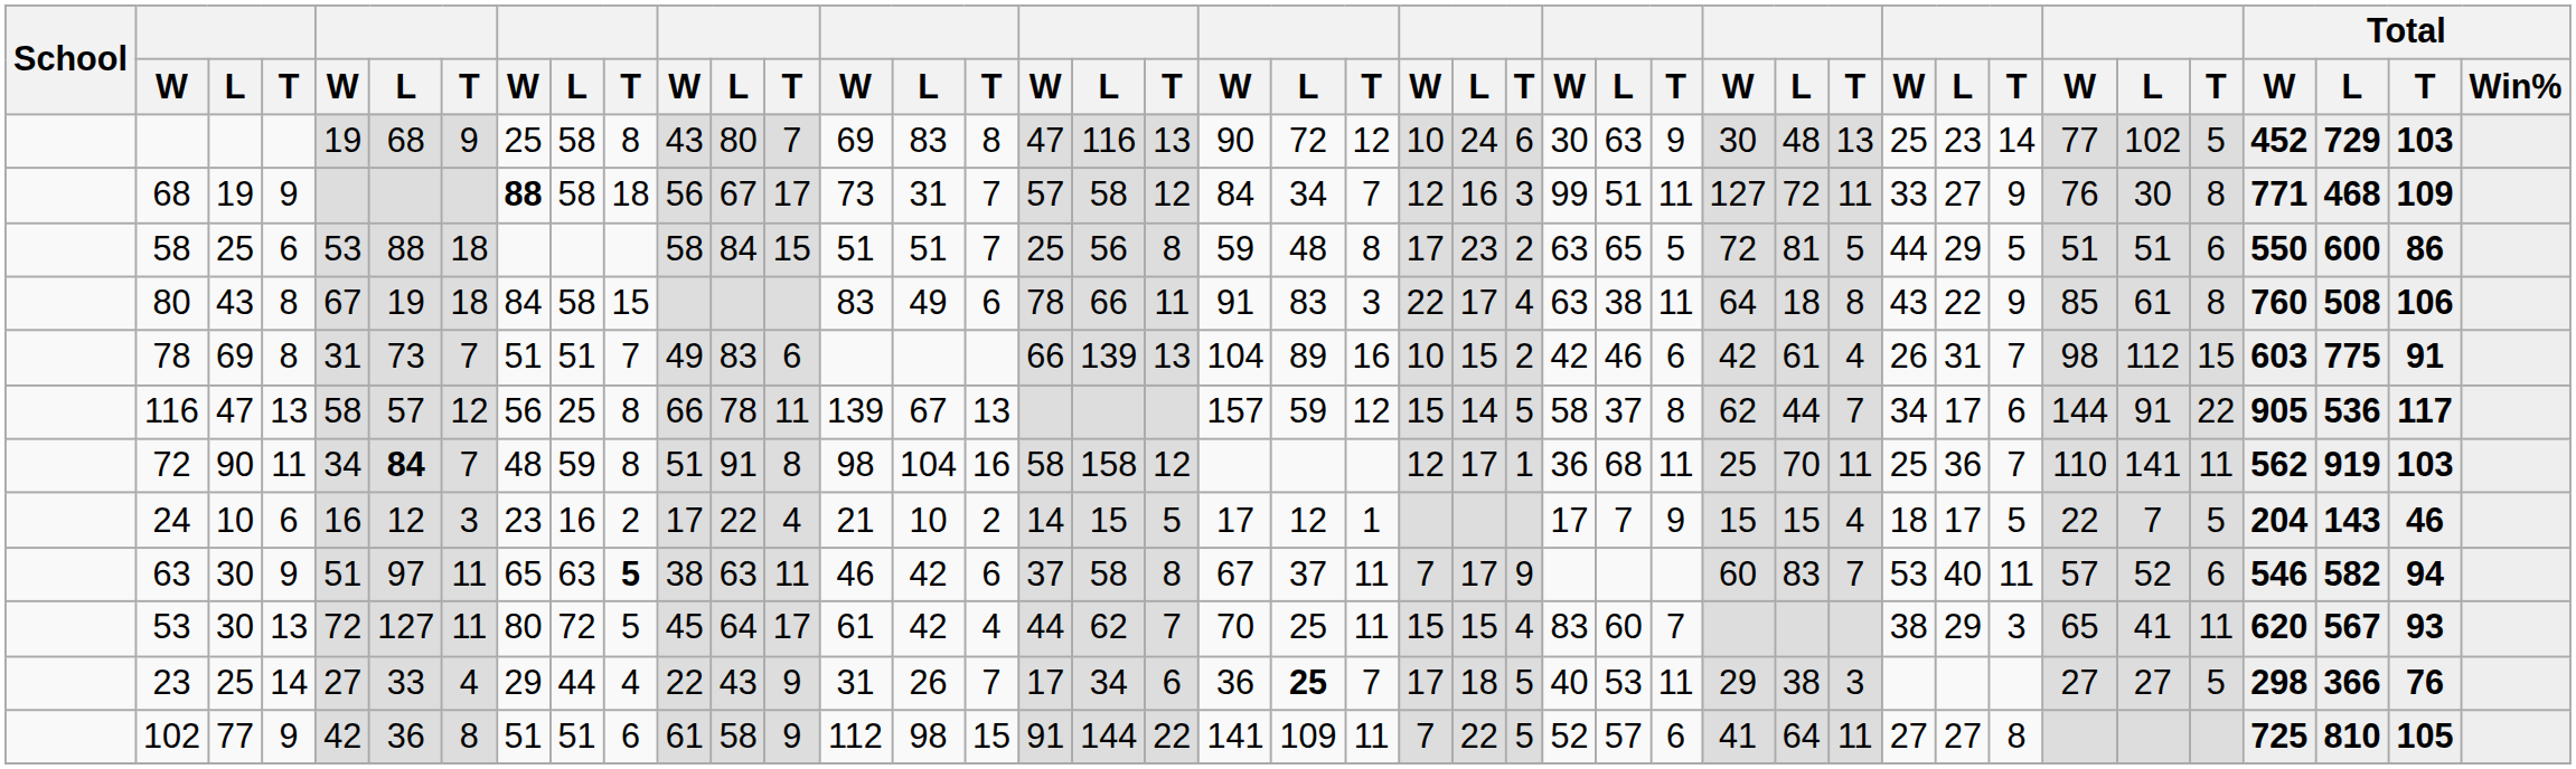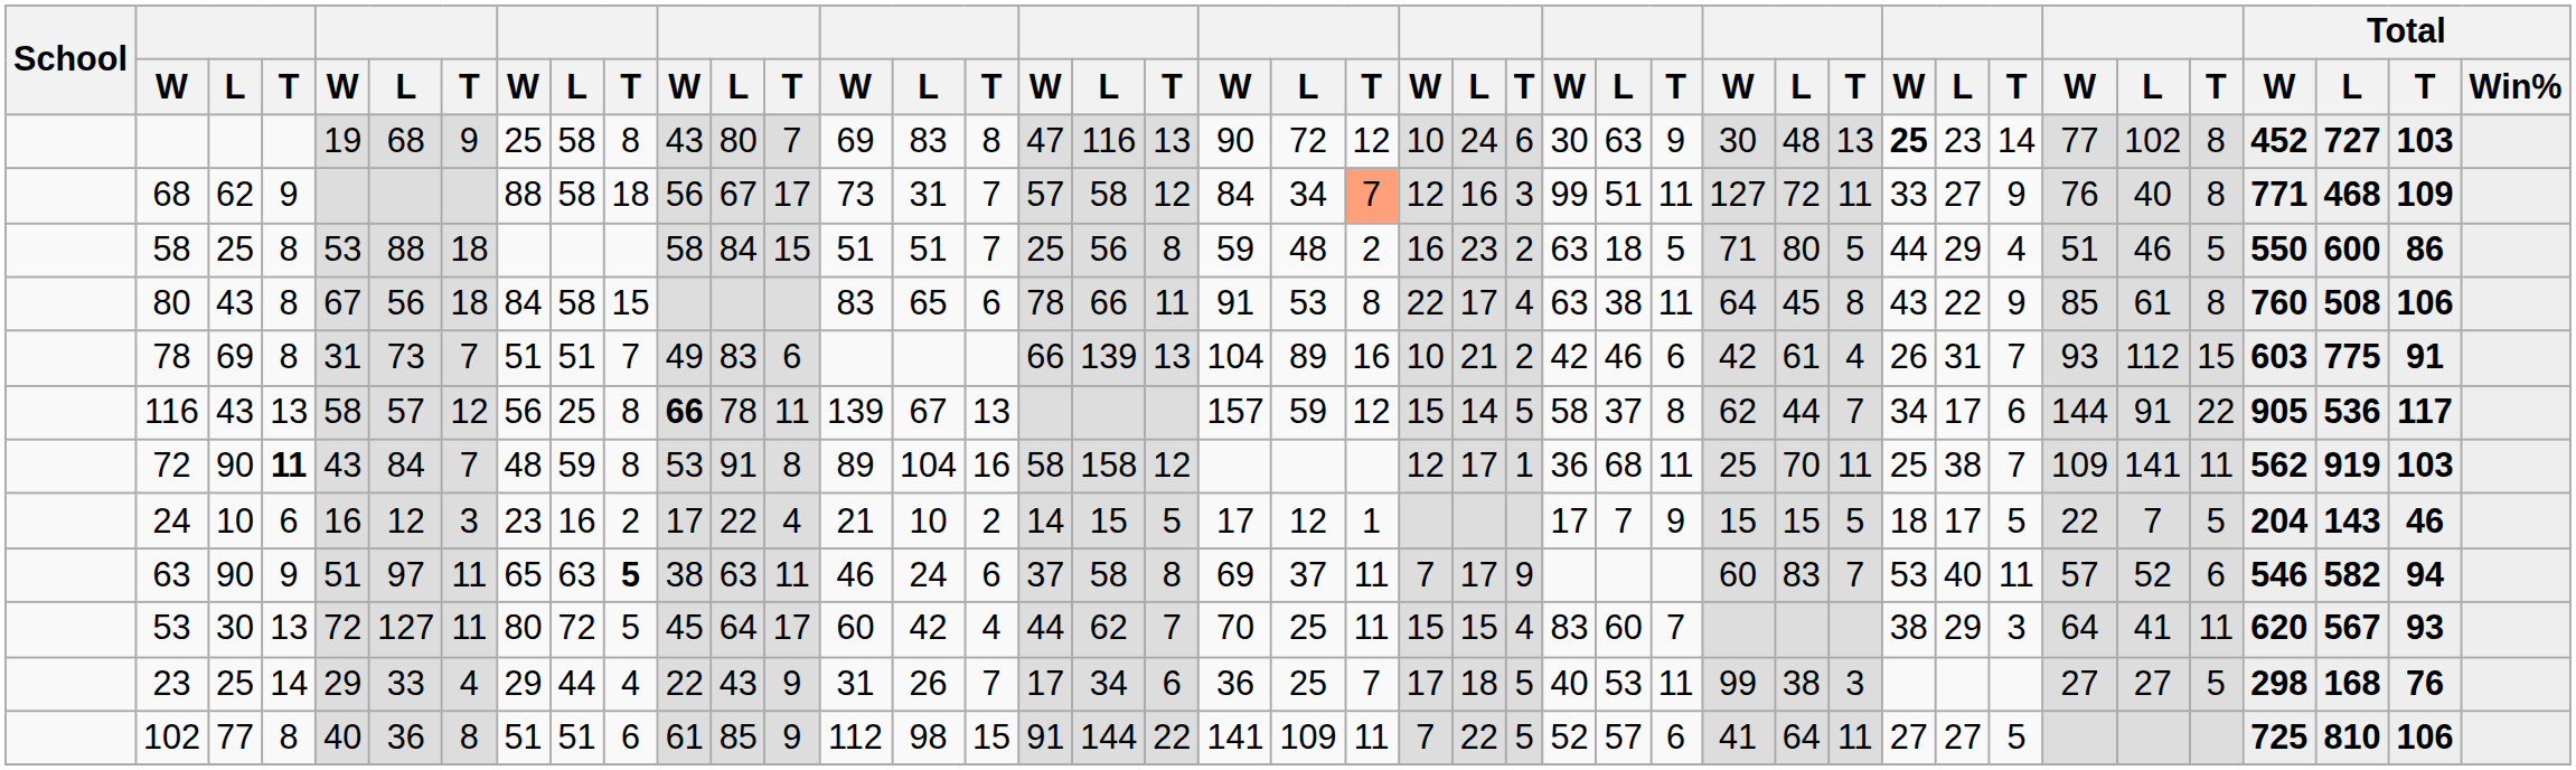 <table class="wikitable sortable" style="text-align:center">
 <tr>
 <th rowspan="2">School</th>
 <th colspan="3"><strong><a href='#'></a></strong></th>
 <th colspan="3"><strong><a href='#'></a></strong></th>
 <th colspan="3"><strong><a href='#'></a></strong></th>
 <th colspan="3"><strong><a href='#'></a></strong></th>
 <th colspan="3"><strong><a href='#'></a></strong></th>
 <th colspan="3"><strong><a href='#'></a></strong></th>
 <th colspan="3"><strong><a href='#'></a></strong></th>
 <th colspan="3"><strong><a href='#'></a></strong></th>
 <th colspan="3"><strong><a href='#'></a></strong></th>
 <th colspan="3"><strong><a href='#'></a></strong></th>
 <th colspan="3"><strong><a href='#'></a></strong></th>
 <th colspan="3"><strong><a href='#'></a></strong></th>
 <th colspan="4">Total</th>
 </tr>
 <tr>
 <th scope="col">W</th>
 <th scope="col">L</th>
 <th scope="col">T</th>
 <th scope="col">W</th>
 <th scope="col">L</th>
 <th scope="col">T</th>
 <th scope="col">W</th>
 <th scope="col">L</th>
 <th scope="col">T</th>
 <th scope="col">W</th>
 <th scope="col">L</th>
 <th scope="col">T</th>
 <th scope="col">W</th>
 <th scope="col">L</th>
 <th scope="col">T</th>
 <th scope="col">W</th>
 <th scope="col">L</th>
 <th scope="col">T</th>
 <th scope="col">W</th>
 <th scope="col">L</th>
 <th scope="col">T</th>
 <th scope="col">W</th>
 <th scope="col">L</th>
 <th scope="col">T</th>
 <th scope="col">W</th>
 <th scope="col">L</th>
 <th scope="col">T</th>
 <th scope="col">W</th>
 <th scope="col">L</th>
 <th scope="col">T</th>
 <th scope="col">W</th>
 <th scope="col">L</th>
 <th scope="col">T</th>
 <th scope="col">W</th>
 <th scope="col">L</th>
 <th scope="col">T</th>
 <th scope="col">W</th>
 <th scope="col">L</th>
 <th scope="col">T</th>
 <th scope="col">Win%</th>
 </tr>
 <tr>
 <td align=left><strong><a href='#'></a></strong></td>
 <td></td>
 <td></td>
 <td></td>
 <td bgcolor=dddddd>19</td>
 <td bgcolor=dddddd>68</td>
 <td bgcolor=dddddd>9</td>
 <td>25</td>
 <td>58</td>
 <td>8</td>
 <td bgcolor=dddddd>43</td>
 <td bgcolor=dddddd>80</td>
 <td bgcolor=dddddd>7</td>
 <td>69</td>
 <td>83</td>
 <td>8</td>
 <td bgcolor=dddddd>47</td>
 <td bgcolor=dddddd>116</td>
 <td bgcolor=dddddd>13</td>
 <td>90</td>
 <td>72</td>
 <td>12</td>
 <td bgcolor=dddddd>10</td>
 <td bgcolor=dddddd>24</td>
 <td bgcolor=dddddd>6</td>
 <td>30</td>
 <td>63</td>
 <td>9</td>
 <td bgcolor=dddddd>30</td>
 <td bgcolor=dddddd>48</td>
 <td bgcolor=dddddd>13</td>
-<td>25</td>
+<td><strong>25</strong></td>
 <td>23</td>
 <td>14</td>
 <td bgcolor=dddddd>77</td>
 <td bgcolor=dddddd>102</td>
-<td bgcolor=dddddd>5</td>
+<td bgcolor=dddddd>8</td>
 <td bgcolor=eeeeee><strong>452</strong></td>
-<td bgcolor=eeeeee><strong>729</strong></td>
+<td bgcolor=eeeeee><strong>727</strong></td>
 <td bgcolor=eeeeee><strong>103</strong></td>
 <td bgcolor=eeeeee><strong></strong></td>
 </tr>
 <tr>
 <td align=left><strong><a href='#'></a></strong></td>
 <td>68</td>
-<td>19</td>
+<td>62</td>
 <td>9</td>
 <td bgcolor=dddddd></td>
 <td bgcolor=dddddd></td>
 <td bgcolor=dddddd></td>
-<td><strong>88</strong></td>
+<td>88</td>
 <td>58</td>
 <td>18</td>
 <td bgcolor=dddddd>56</td>
 <td bgcolor=dddddd>67</td>
 <td bgcolor=dddddd>17</td>
 <td>73</td>
 <td>31</td>
 <td>7</td>
 <td bgcolor=dddddd>57</td>
 <td bgcolor=dddddd>58</td>
 <td bgcolor=dddddd>12</td>
 <td>84</td>
 <td>34</td>
-<td>7</td>
+<td style="background: lightsalmon;">7</td>
 <td bgcolor=dddddd>12</td>
 <td bgcolor=dddddd>16</td>
 <td bgcolor=dddddd>3</td>
 <td>99</td>
 <td>51</td>
 <td>11</td>
 <td bgcolor=dddddd>127</td>
 <td bgcolor=dddddd>72</td>
 <td bgcolor=dddddd>11</td>
 <td>33</td>
 <td>27</td>
 <td>9</td>
 <td bgcolor=dddddd>76</td>
-<td bgcolor=dddddd>30</td>
+<td bgcolor=dddddd>40</td>
 <td bgcolor=dddddd>8</td>
 <td bgcolor=eeeeee><strong>771</strong></td>
 <td bgcolor=eeeeee><strong>468</strong></td>
 <td bgcolor=eeeeee><strong>109</strong></td>
 <td bgcolor=eeeeee><strong></strong></td>
 </tr>
 <tr>
 <td align=left><strong><a href='#'></a></strong></td>
 <td>58</td>
 <td>25</td>
-<td>6</td>
+<td>8</td>
 <td bgcolor=dddddd>53</td>
 <td bgcolor=dddddd>88</td>
 <td bgcolor=dddddd>18</td>
 <td></td>
 <td></td>
 <td></td>
 <td bgcolor=dddddd>58</td>
 <td bgcolor=dddddd>84</td>
 <td bgcolor=dddddd>15</td>
 <td>51</td>
 <td>51</td>
 <td>7</td>
 <td bgcolor=dddddd>25</td>
 <td bgcolor=dddddd>56</td>
 <td bgcolor=dddddd>8</td>
 <td>59</td>
 <td>48</td>
-<td>8</td>
-<td bgcolor=dddddd>17</td>
+<td>2</td>
+<td bgcolor=dddddd>16</td>
 <td bgcolor=dddddd>23</td>
 <td bgcolor=dddddd>2</td>
 <td>63</td>
-<td>65</td>
+<td>18</td>
 <td>5</td>
-<td bgcolor=dddddd>72</td>
-<td bgcolor=dddddd>81</td>
+<td bgcolor=dddddd>71</td>
+<td bgcolor=dddddd>80</td>
 <td bgcolor=dddddd>5</td>
 <td>44</td>
 <td>29</td>
-<td>5</td>
+<td>4</td>
 <td bgcolor=dddddd>51</td>
-<td bgcolor=dddddd>51</td>
-<td bgcolor=dddddd>6</td>
+<td bgcolor=dddddd>46</td>
+<td bgcolor=dddddd>5</td>
 <td bgcolor=eeeeee><strong>550</strong></td>
 <td bgcolor=eeeeee><strong>600</strong></td>
 <td bgcolor=eeeeee><strong>86</strong></td>
 <td bgcolor=eeeeee><strong></strong></td>
 </tr>
 <tr>
 <td align=left><strong><a href='#'></a></strong></td>
 <td>80</td>
 <td>43</td>
 <td>8</td>
 <td bgcolor=dddddd>67</td>
-<td bgcolor=dddddd>19</td>
+<td bgcolor=dddddd>56</td>
 <td bgcolor=dddddd>18</td>
 <td>84</td>
 <td>58</td>
 <td>15</td>
 <td bgcolor=dddddd></td>
 <td bgcolor=dddddd></td>
 <td bgcolor=dddddd></td>
 <td>83</td>
-<td>49</td>
+<td>65</td>
 <td>6</td>
 <td bgcolor=dddddd>78</td>
 <td bgcolor=dddddd>66</td>
 <td bgcolor=dddddd>11</td>
 <td>91</td>
-<td>83</td>
-<td>3</td>
+<td>53</td>
+<td>8</td>
 <td bgcolor=dddddd>22</td>
 <td bgcolor=dddddd>17</td>
 <td bgcolor=dddddd>4</td>
 <td>63</td>
 <td>38</td>
 <td>11</td>
 <td bgcolor=dddddd>64</td>
-<td bgcolor=dddddd>18</td>
+<td bgcolor=dddddd>45</td>
 <td bgcolor=dddddd>8</td>
 <td>43</td>
 <td>22</td>
 <td>9</td>
 <td bgcolor=dddddd>85</td>
 <td bgcolor=dddddd>61</td>
 <td bgcolor=dddddd>8</td>
 <td bgcolor=eeeeee><strong>760</strong></td>
 <td bgcolor=eeeeee><strong>508</strong></td>
 <td bgcolor=eeeeee><strong>106</strong></td>
 <td bgcolor=eeeeee><strong></strong></td>
 </tr>
 <tr>
 <td align=left><strong><a href='#'></a></strong></td>
 <td>78</td>
 <td>69</td>
 <td>8</td>
 <td bgcolor=dddddd>31</td>
 <td bgcolor=dddddd>73</td>
 <td bgcolor=dddddd>7</td>
 <td>51</td>
 <td>51</td>
 <td>7</td>
 <td bgcolor=dddddd>49</td>
 <td bgcolor=dddddd>83</td>
 <td bgcolor=dddddd>6</td>
 <td></td>
 <td></td>
 <td></td>
 <td bgcolor=dddddd>66</td>
 <td bgcolor=dddddd>139</td>
 <td bgcolor=dddddd>13</td>
 <td>104</td>
 <td>89</td>
 <td>16</td>
 <td bgcolor=dddddd>10</td>
-<td bgcolor=dddddd>15</td>
+<td bgcolor=dddddd>21</td>
 <td bgcolor=dddddd>2</td>
 <td>42</td>
 <td>46</td>
 <td>6</td>
 <td bgcolor=dddddd>42</td>
 <td bgcolor=dddddd>61</td>
 <td bgcolor=dddddd>4</td>
 <td>26</td>
 <td>31</td>
 <td>7</td>
-<td bgcolor=dddddd>98</td>
+<td bgcolor=dddddd>93</td>
 <td bgcolor=dddddd>112</td>
 <td bgcolor=dddddd>15</td>
 <td bgcolor=eeeeee><strong>603</strong></td>
 <td bgcolor=eeeeee><strong>775</strong></td>
 <td bgcolor=eeeeee><strong>91</strong></td>
 <td bgcolor=eeeeee><strong></strong></td>
 </tr>
 <tr>
 <td align=left><strong><a href='#'></a></strong></td>
 <td>116</td>
-<td>47</td>
+<td>43</td>
 <td>13</td>
 <td bgcolor=dddddd>58</td>
 <td bgcolor=dddddd>57</td>
 <td bgcolor=dddddd>12</td>
 <td>56</td>
 <td>25</td>
 <td>8</td>
-<td bgcolor=dddddd>66</td>
+<td bgcolor=dddddd><strong>66</strong></td>
 <td bgcolor=dddddd>78</td>
 <td bgcolor=dddddd>11</td>
 <td>139</td>
 <td>67</td>
 <td>13</td>
 <td bgcolor=dddddd></td>
 <td bgcolor=dddddd></td>
 <td bgcolor=dddddd></td>
 <td>157</td>
 <td>59</td>
 <td>12</td>
 <td bgcolor=dddddd>15</td>
 <td bgcolor=dddddd>14</td>
 <td bgcolor=dddddd>5</td>
 <td>58</td>
 <td>37</td>
 <td>8</td>
 <td bgcolor=dddddd>62</td>
 <td bgcolor=dddddd>44</td>
 <td bgcolor=dddddd>7</td>
 <td>34</td>
 <td>17</td>
 <td>6</td>
 <td bgcolor=dddddd>144</td>
 <td bgcolor=dddddd>91</td>
 <td bgcolor=dddddd>22</td>
 <td bgcolor=eeeeee><strong>905</strong></td>
 <td bgcolor=eeeeee><strong>536</strong></td>
 <td bgcolor=eeeeee><strong>117</strong></td>
 <td bgcolor=eeeeee><strong></strong></td>
 </tr>
 <tr>
 <td align=left><strong><a href='#'></a></strong></td>
 <td>72</td>
 <td>90</td>
-<td>11</td>
-<td bgcolor=dddddd>34</td>
-<td bgcolor=dddddd><strong>84</strong></td>
+<td><strong>11</strong></td>
+<td bgcolor=dddddd>43</td>
+<td bgcolor=dddddd>84</td>
 <td bgcolor=dddddd>7</td>
 <td>48</td>
 <td>59</td>
 <td>8</td>
-<td bgcolor=dddddd>51</td>
+<td bgcolor=dddddd>53</td>
 <td bgcolor=dddddd>91</td>
 <td bgcolor=dddddd>8</td>
-<td>98</td>
+<td>89</td>
 <td>104</td>
 <td>16</td>
 <td bgcolor=dddddd>58</td>
 <td bgcolor=dddddd>158</td>
 <td bgcolor=dddddd>12</td>
 <td></td>
 <td></td>
 <td></td>
 <td bgcolor=dddddd>12</td>
 <td bgcolor=dddddd>17</td>
 <td bgcolor=dddddd>1</td>
 <td>36</td>
 <td>68</td>
 <td>11</td>
 <td bgcolor=dddddd>25</td>
 <td bgcolor=dddddd>70</td>
 <td bgcolor=dddddd>11</td>
 <td>25</td>
-<td>36</td>
+<td>38</td>
 <td>7</td>
-<td bgcolor=dddddd>110</td>
+<td bgcolor=dddddd>109</td>
 <td bgcolor=dddddd>141</td>
 <td bgcolor=dddddd>11</td>
 <td bgcolor=eeeeee><strong>562</strong></td>
 <td bgcolor=eeeeee><strong>919</strong></td>
 <td bgcolor=eeeeee><strong>103</strong></td>
 <td bgcolor=eeeeee><strong></strong></td>
 </tr>
 <tr>
 <td align=left><strong><a href='#'></a></strong></td>
 <td>24</td>
 <td>10</td>
 <td>6</td>
 <td bgcolor=dddddd>16</td>
 <td bgcolor=dddddd>12</td>
 <td bgcolor=dddddd>3</td>
 <td>23</td>
 <td>16</td>
 <td>2</td>
 <td bgcolor=dddddd>17</td>
 <td bgcolor=dddddd>22</td>
 <td bgcolor=dddddd>4</td>
 <td>21</td>
 <td>10</td>
 <td>2</td>
 <td bgcolor=dddddd>14</td>
 <td bgcolor=dddddd>15</td>
 <td bgcolor=dddddd>5</td>
 <td>17</td>
 <td>12</td>
 <td>1</td>
 <td bgcolor=dddddd></td>
 <td bgcolor=dddddd></td>
 <td bgcolor=dddddd></td>
 <td>17</td>
 <td>7</td>
 <td>9</td>
 <td bgcolor=dddddd>15</td>
 <td bgcolor=dddddd>15</td>
-<td bgcolor=dddddd>4</td>
+<td bgcolor=dddddd>5</td>
 <td>18</td>
 <td>17</td>
 <td>5</td>
 <td bgcolor=dddddd>22</td>
 <td bgcolor=dddddd>7</td>
 <td bgcolor=dddddd>5</td>
 <td bgcolor=eeeeee><strong>204</strong></td>
 <td bgcolor=eeeeee><strong>143</strong></td>
 <td bgcolor=eeeeee><strong>46</strong></td>
 <td bgcolor=eeeeee><strong></strong></td>
 </tr>
 <tr>
 <td align=left><strong><a href='#'></a></strong></td>
 <td>63</td>
-<td>30</td>
+<td>90</td>
 <td>9</td>
 <td bgcolor=dddddd>51</td>
 <td bgcolor=dddddd>97</td>
 <td bgcolor=dddddd>11</td>
 <td>65</td>
 <td>63</td>
 <td><strong>5</strong></td>
 <td bgcolor=dddddd>38</td>
 <td bgcolor=dddddd>63</td>
 <td bgcolor=dddddd>11</td>
 <td>46</td>
-<td>42</td>
+<td>24</td>
 <td>6</td>
 <td bgcolor=dddddd>37</td>
 <td bgcolor=dddddd>58</td>
 <td bgcolor=dddddd>8</td>
-<td>67</td>
+<td>69</td>
 <td>37</td>
 <td>11</td>
 <td bgcolor=dddddd>7</td>
 <td bgcolor=dddddd>17</td>
 <td bgcolor=dddddd>9</td>
 <td></td>
 <td></td>
 <td></td>
 <td bgcolor=dddddd>60</td>
 <td bgcolor=dddddd>83</td>
 <td bgcolor=dddddd>7</td>
 <td>53</td>
 <td>40</td>
 <td>11</td>
 <td bgcolor=dddddd>57</td>
 <td bgcolor=dddddd>52</td>
 <td bgcolor=dddddd>6</td>
 <td bgcolor=eeeeee><strong>546</strong></td>
 <td bgcolor=eeeeee><strong>582</strong></td>
 <td bgcolor=eeeeee><strong>94</strong></td>
 <td bgcolor=eeeeee><strong></strong></td>
 </tr>
 <tr>
 <td align=left><strong><a href='#'></a></strong></td>
 <td>53</td>
 <td>30</td>
 <td>13</td>
 <td bgcolor=dddddd>72</td>
 <td bgcolor=dddddd>127</td>
 <td bgcolor=dddddd>11</td>
 <td>80</td>
 <td>72</td>
 <td>5</td>
 <td bgcolor=dddddd>45</td>
 <td bgcolor=dddddd>64</td>
 <td bgcolor=dddddd>17</td>
-<td>61</td>
+<td>60</td>
 <td>42</td>
 <td>4</td>
 <td bgcolor=dddddd>44</td>
 <td bgcolor=dddddd>62</td>
 <td bgcolor=dddddd>7</td>
 <td>70</td>
 <td>25</td>
 <td>11</td>
 <td bgcolor=dddddd>15</td>
 <td bgcolor=dddddd>15</td>
 <td bgcolor=dddddd>4</td>
 <td>83</td>
 <td>60</td>
 <td>7</td>
 <td bgcolor=dddddd></td>
 <td bgcolor=dddddd></td>
 <td bgcolor=dddddd></td>
 <td>38</td>
 <td>29</td>
 <td>3</td>
-<td bgcolor=dddddd>65</td>
+<td bgcolor=dddddd>64</td>
 <td bgcolor=dddddd>41</td>
 <td bgcolor=dddddd>11</td>
 <td bgcolor=eeeeee><strong>620</strong></td>
 <td bgcolor=eeeeee><strong>567</strong></td>
 <td bgcolor=eeeeee><strong>93</strong></td>
 <td bgcolor=eeeeee><strong></strong></td>
 </tr>
 <tr>
 <td align=left><strong><a href='#'></a></strong></td>
 <td>23</td>
 <td>25</td>
 <td>14</td>
-<td bgcolor=dddddd>27</td>
+<td bgcolor=dddddd>29</td>
 <td bgcolor=dddddd>33</td>
 <td bgcolor=dddddd>4</td>
 <td>29</td>
 <td>44</td>
 <td>4</td>
 <td bgcolor=dddddd>22</td>
 <td bgcolor=dddddd>43</td>
 <td bgcolor=dddddd>9</td>
 <td>31</td>
 <td>26</td>
 <td>7</td>
 <td bgcolor=dddddd>17</td>
 <td bgcolor=dddddd>34</td>
 <td bgcolor=dddddd>6</td>
 <td>36</td>
-<td><strong>25</strong></td>
+<td>25</td>
 <td>7</td>
 <td bgcolor=dddddd>17</td>
 <td bgcolor=dddddd>18</td>
 <td bgcolor=dddddd>5</td>
 <td>40</td>
 <td>53</td>
 <td>11</td>
-<td bgcolor=dddddd>29</td>
+<td bgcolor=dddddd>99</td>
 <td bgcolor=dddddd>38</td>
 <td bgcolor=dddddd>3</td>
 <td></td>
 <td></td>
 <td></td>
 <td bgcolor=dddddd>27</td>
 <td bgcolor=dddddd>27</td>
 <td bgcolor=dddddd>5</td>
 <td bgcolor=eeeeee><strong>298</strong></td>
-<td bgcolor=eeeeee><strong>366</strong></td>
+<td bgcolor=eeeeee><strong>168</strong></td>
 <td bgcolor=eeeeee><strong>76</strong></td>
 <td bgcolor=eeeeee><strong></strong></td>
 </tr>
 <tr>
 <td align=left><strong><a href='#'></a></strong></td>
 <td>102</td>
 <td>77</td>
-<td>9</td>
-<td bgcolor=dddddd>42</td>
+<td>8</td>
+<td bgcolor=dddddd>40</td>
 <td bgcolor=dddddd>36</td>
 <td bgcolor=dddddd>8</td>
 <td>51</td>
 <td>51</td>
 <td>6</td>
 <td bgcolor=dddddd>61</td>
-<td bgcolor=dddddd>58</td>
+<td bgcolor=dddddd>85</td>
 <td bgcolor=dddddd>9</td>
 <td>112</td>
 <td>98</td>
 <td>15</td>
 <td bgcolor=dddddd>91</td>
 <td bgcolor=dddddd>144</td>
 <td bgcolor=dddddd>22</td>
 <td>141</td>
 <td>109</td>
 <td>11</td>
 <td bgcolor=dddddd>7</td>
 <td bgcolor=dddddd>22</td>
 <td bgcolor=dddddd>5</td>
 <td>52</td>
 <td>57</td>
 <td>6</td>
 <td bgcolor=dddddd>41</td>
 <td bgcolor=dddddd>64</td>
 <td bgcolor=dddddd>11</td>
 <td>27</td>
 <td>27</td>
-<td>8</td>
+<td>5</td>
 <td bgcolor=dddddd></td>
 <td bgcolor=dddddd></td>
 <td bgcolor=dddddd></td>
 <td bgcolor=eeeeee><strong>725</strong></td>
 <td bgcolor=eeeeee><strong>810</strong></td>
-<td bgcolor=eeeeee><strong>105</strong></td>
+<td bgcolor=eeeeee><strong>106</strong></td>
 <td bgcolor=eeeeee><strong></strong></td>
 </tr>
 <tr>
 </tr>
 </table>
